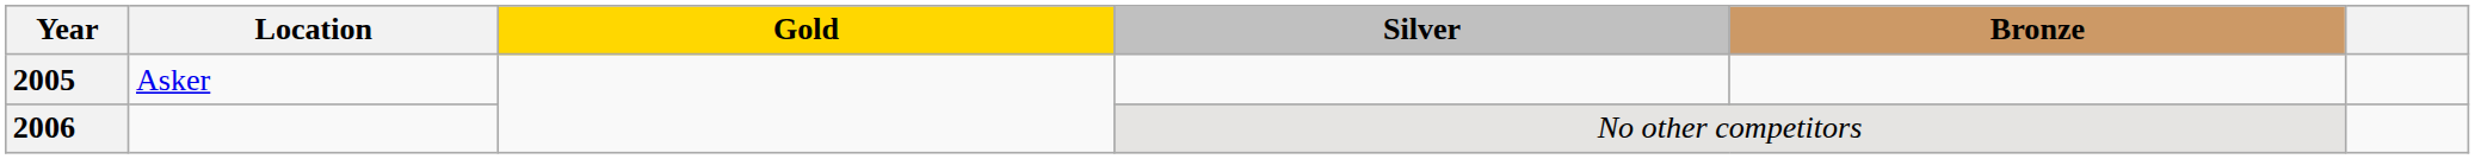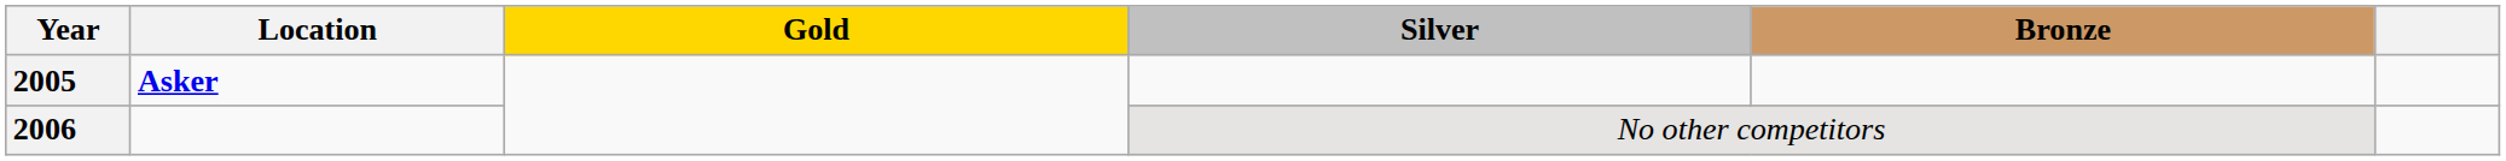 <table class="wikitable unsortable" style="text-align:left; width:80%">
 <tr>
 <th scope="col" style="text-align:center; width:5%">Year</th>
 <th scope="col" style="text-align:center; width:15%">Location</th>
 <th scope="col" style="text-align:center; width:25%; background:gold">Gold</th>
 <th scope="col" style="text-align:center; width:25%; background:silver">Silver</th>
 <th scope="col" style="text-align:center; width:25%; background:#c96">Bronze</th>
 <th scope="col" style="text-align:center; width:5%"></th>
 </tr>
 <tr>
 <th scope="row" style="text-align:left">2005</th>
-<td> <a href='#'>Asker</a></td>
+<td><strong> <a href='#'>Asker</a></strong></td>
 <td rowspan="2"></td>
 <td></td>
 <td></td>
 <td></td>
 </tr>
 <tr>
 <th scope="row" style="text-align:left">2006</th>
 <td></td>
 <td colspan="2" bgcolor="e5e4e2" align="center"><em>No other competitors</em></td>
 <td></td>
 </tr>
 </table>
